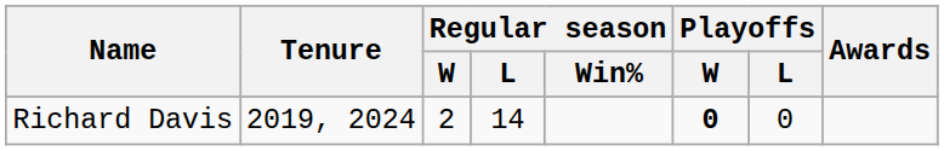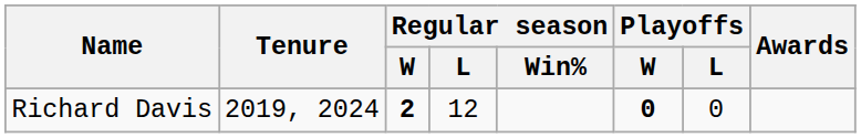 <table class="wikitable">
 <tr>
 <th rowspan="2">Name</th>
 <th rowspan="2">Tenure</th>
 <th colspan="3">Regular season</th>
 <th colspan="2">Playoffs</th>
 <th rowspan="2">Awards</th>
 </tr>
 <tr>
 <th rowspan="1">W</th>
 <th rowspan="1">L</th>
 <th rowspan="1">Win%</th>
 <th rowspan="1">W</th>
 <th rowspan="1">L</th>
 </tr>
 <tr>
 <td>Richard Davis</td>
 <td style="text-align:center;">2019, 2024</td>
-<td style="text-align:center;">2</td>
-<td style="text-align:center;">14</td>
+<td style="text-align:center;"><strong>2</strong></td>
+<td style="text-align:center;">12</td>
 <td style="text-align:center;"></td>
 <td style="text-align:center;"><strong>0</strong></td>
 <td style="text-align:center;">0</td>
 <td></td>
 </tr>
 </table>
